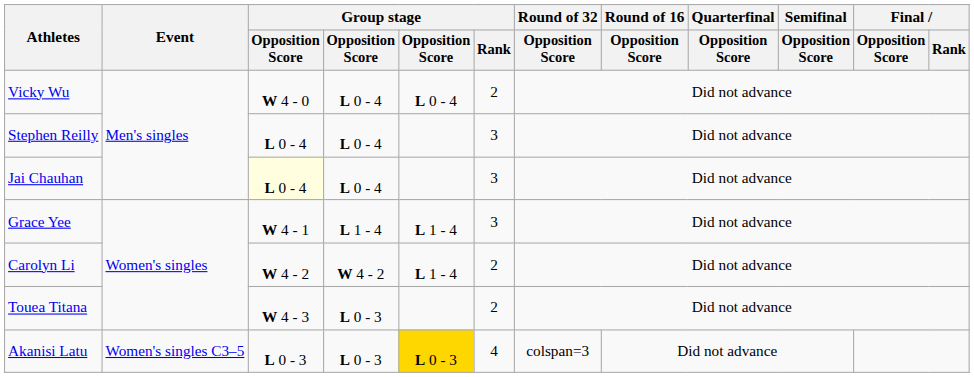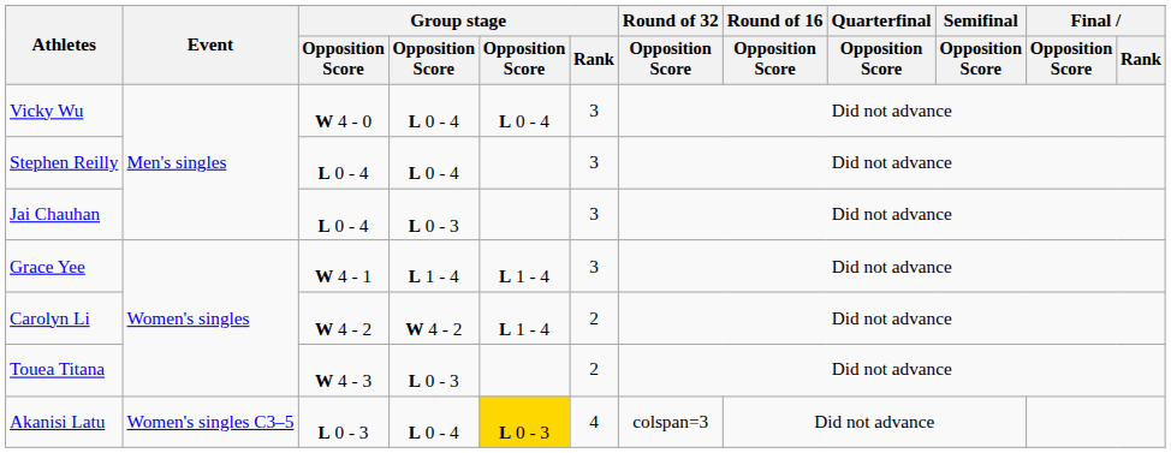 <table class="wikitable" style="font-size:90%;text-align:center">
 <tr>
 <th rowspan=2>Athletes</th>
 <th rowspan=2>Event</th>
 <th colspan=4>Group stage</th>
 <th>Round of 32</th>
 <th>Round of 16</th>
 <th>Quarterfinal</th>
 <th>Semifinal</th>
 <th colspan=2>Final / </th>
 </tr>
 <tr style=font-size:95%>
 <th>Opposition<br>Score</th>
 <th>Opposition<br>Score</th>
 <th>Opposition<br>Score</th>
 <th>Rank</th>
 <th>Opposition<br>Score</th>
 <th>Opposition<br>Score</th>
 <th>Opposition<br>Score</th>
 <th>Opposition<br>Score</th>
 <th>Opposition<br>Score</th>
 <th>Rank</th>
 </tr>
 <tr>
 <td align=left><a href='#'>Vicky Wu</a></td>
 <td align=left rowspan=3><a href='#'>Men's singles</a></td>
 <td><br><strong>W</strong> 4 - 0</td>
 <td><br><strong>L</strong> 0 - 4</td>
 <td><br><strong>L</strong> 0 - 4</td>
-<td>2</td>
+<td>3</td>
 <td colspan=6>Did not advance</td>
 </tr>
 <tr>
 <td align=left><a href='#'>Stephen Reilly</a></td>
 <td><br><strong>L</strong> 0 - 4</td>
 <td><br><strong>L</strong> 0 - 4</td>
 <td></td>
 <td>3</td>
 <td colspan=6>Did not advance</td>
 </tr>
 <tr>
 <td align=left><a href='#'>Jai Chauhan</a></td>
-<td style="background: lightyellow;"><br><strong>L</strong> 0 - 4</td>
 <td><br><strong>L</strong> 0 - 4</td>
+<td><br><strong>L</strong> 0 - 3</td>
 <td></td>
 <td>3</td>
 <td colspan=6>Did not advance</td>
 </tr>
 <tr>
 <td align=left><a href='#'>Grace Yee</a></td>
 <td align=left rowspan=3><a href='#'>Women's singles</a></td>
 <td><br><strong>W</strong> 4 - 1</td>
 <td><br><strong>L</strong> 1 - 4</td>
 <td><br><strong>L</strong> 1 - 4</td>
 <td>3</td>
 <td colspan=6>Did not advance</td>
 </tr>
 <tr>
 <td align=left><a href='#'>Carolyn Li</a></td>
 <td><br><strong>W</strong> 4 - 2</td>
 <td><br><strong>W</strong> 4 - 2</td>
 <td><br><strong>L</strong> 1 - 4</td>
 <td>2</td>
 <td colspan=6>Did not advance</td>
 </tr>
 <tr>
 <td align=left><a href='#'>Touea Titana</a></td>
 <td><br><strong>W</strong> 4 - 3</td>
 <td><br><strong>L</strong> 0 - 3</td>
 <td></td>
 <td>2</td>
 <td colspan=6>Did not advance</td>
 </tr>
 <tr>
 <td align=left><a href='#'>Akanisi Latu</a></td>
 <td align=left><a href='#'>Women's singles C3–5</a></td>
 <td><br><strong>L</strong> 0 - 3</td>
-<td><br><strong>L</strong> 0 - 3</td>
+<td><br><strong>L</strong> 0 - 4</td>
 <td style="background: gold;"><br><strong>L</strong> 0 - 3</td>
 <td>4</td>
 <td>colspan=3 </td>
 <td colspan=3>Did not advance</td>
 </tr>
 </table>
